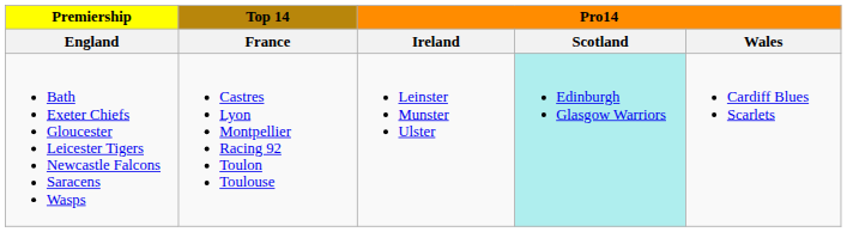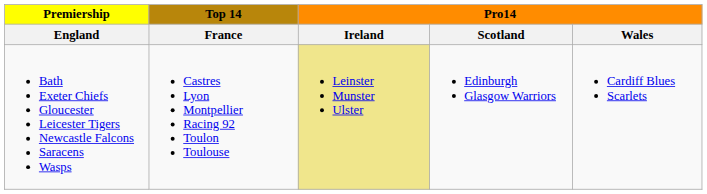 <table class="wikitable" style="width:100%;">
 <tr>
 <th style="background: #ffff00;">Premiership</th>
 <th style="background: #b8860b;">Top 14</th>
 <th colspan="4" style="background: #ff8c00;">Pro14</th>
 </tr>
 <tr>
 <th width=10%> England</th>
 <th width=10%> France</th>
 <th width=10%> Ireland</th>
 <th width=10%> Scotland</th>
 <th width=10%> Wales</th>
 </tr>
 <tr valign=top>
 <td><br><ul><li><a href='#'>Bath</a></li><li><a href='#'>Exeter Chiefs</a></li><li><a href='#'>Gloucester</a></li><li><a href='#'>Leicester Tigers</a></li><li><a href='#'>Newcastle Falcons</a></li><li><a href='#'>Saracens</a></li><li><a href='#'>Wasps</a></li></ul></td>
 <td><br><ul><li><a href='#'>Castres</a></li><li><a href='#'>Lyon</a></li><li><a href='#'>Montpellier</a></li><li><a href='#'>Racing 92</a></li><li><a href='#'>Toulon</a></li><li><a href='#'>Toulouse</a></li></ul></td>
-<td><br><ul><li><a href='#'>Leinster</a></li><li><a href='#'>Munster</a></li><li><a href='#'>Ulster</a></li></ul></td>
-<td style="background: paleturquoise;"><br><ul><li><a href='#'>Edinburgh</a></li><li><a href='#'>Glasgow Warriors</a></li></ul></td>
+<td style="background: khaki;"><br><ul><li><a href='#'>Leinster</a></li><li><a href='#'>Munster</a></li><li><a href='#'>Ulster</a></li></ul></td>
+<td><br><ul><li><a href='#'>Edinburgh</a></li><li><a href='#'>Glasgow Warriors</a></li></ul></td>
 <td><br><ul><li><a href='#'>Cardiff Blues</a></li><li><a href='#'>Scarlets</a></li></ul></td>
 </tr>
 </table>
